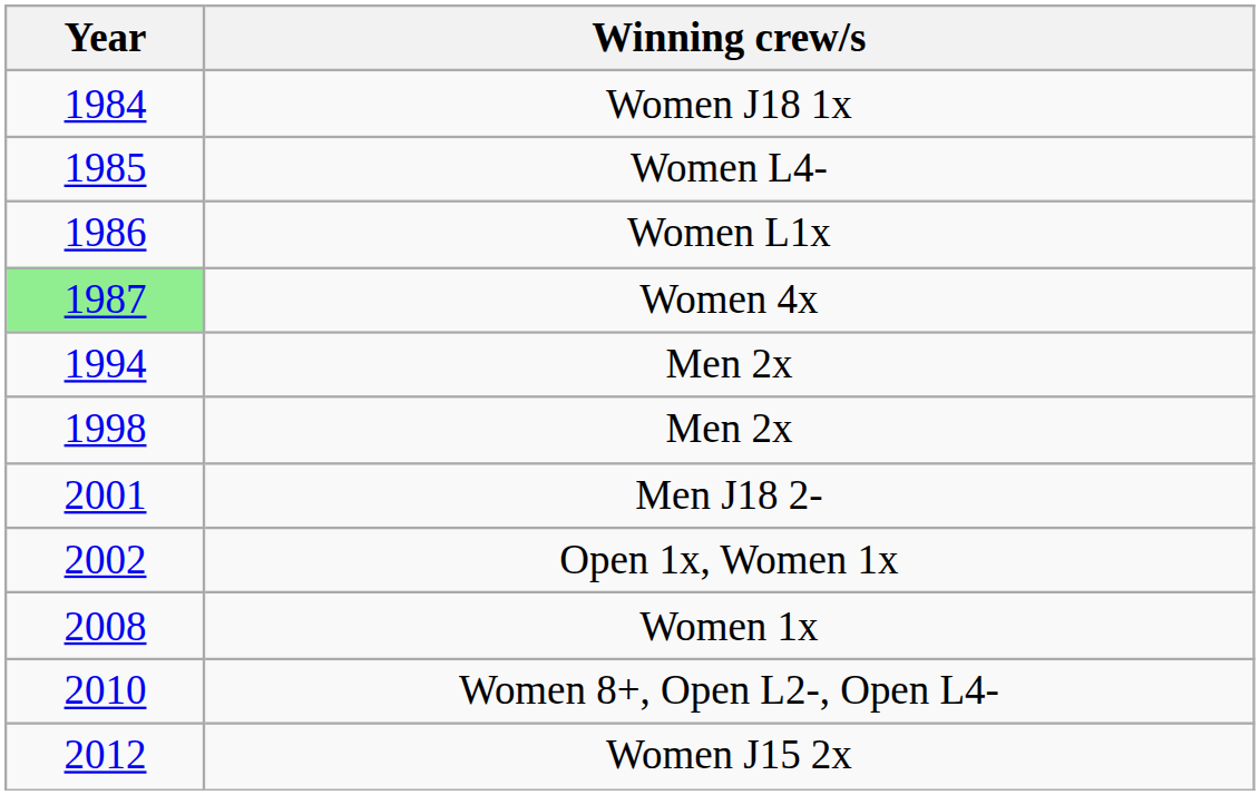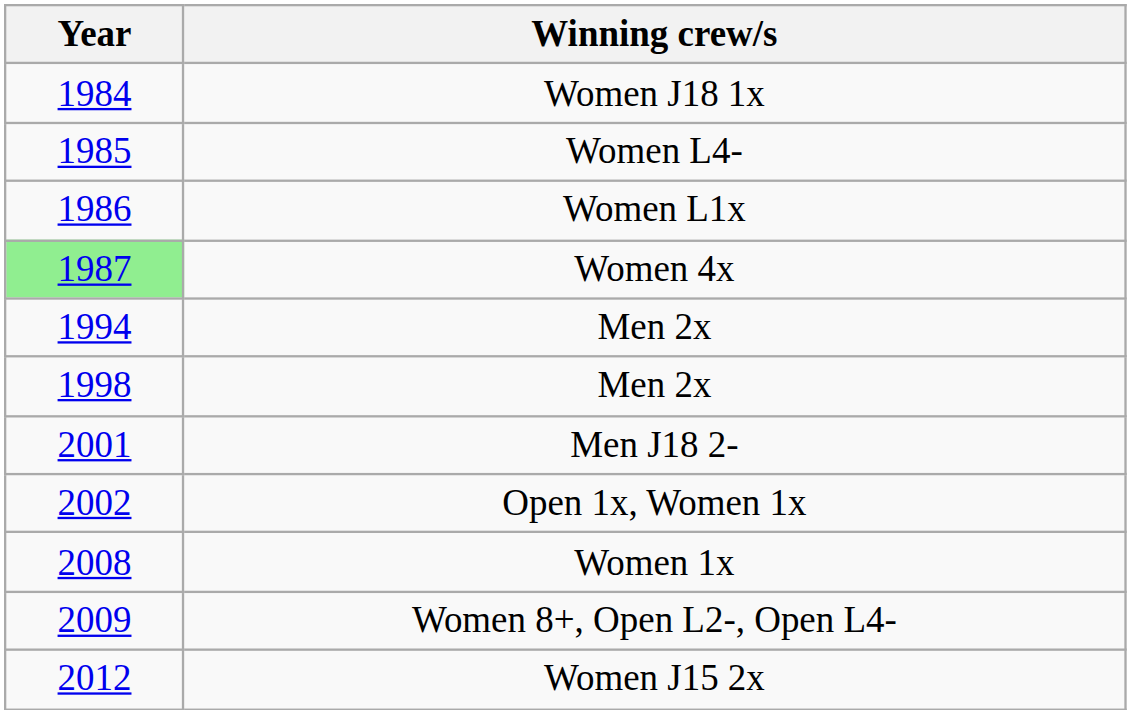 <table class="wikitable" style="text-align:center">
 <tr>
 <th width=70>Year</th>
 <th width=400>Winning crew/s</th>
 </tr>
 <tr>
 <td><a href='#'>1984</a></td>
 <td>Women J18 1x</td>
 </tr>
 <tr>
 <td><a href='#'>1985</a></td>
 <td>Women L4-</td>
 </tr>
 <tr>
 <td><a href='#'>1986</a></td>
 <td>Women L1x</td>
 </tr>
 <tr>
 <td style="background: lightgreen;"><a href='#'>1987</a></td>
 <td>Women 4x</td>
 </tr>
 <tr>
 <td><a href='#'>1994</a></td>
 <td>Men 2x</td>
 </tr>
 <tr>
 <td><a href='#'>1998</a></td>
 <td>Men 2x</td>
 </tr>
 <tr>
 <td><a href='#'>2001</a></td>
 <td>Men J18 2-</td>
 </tr>
 <tr>
 <td><a href='#'>2002</a></td>
 <td>Open 1x, Women 1x</td>
 </tr>
 <tr>
 <td><a href='#'>2008</a></td>
 <td>Women 1x</td>
 </tr>
 <tr>
-<td><a href='#'>2010</a></td>
+<td><a href='#'>2009</a></td>
 <td>Women 8+, Open L2-, Open L4-</td>
 </tr>
 <tr>
 <td><a href='#'>2012</a></td>
 <td>Women J15 2x</td>
 </tr>
 </table>
